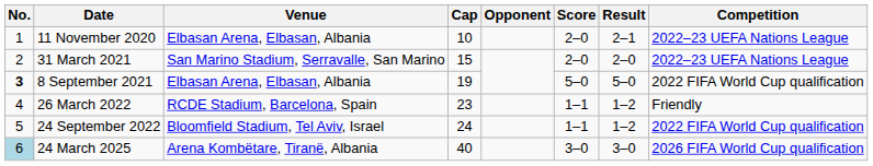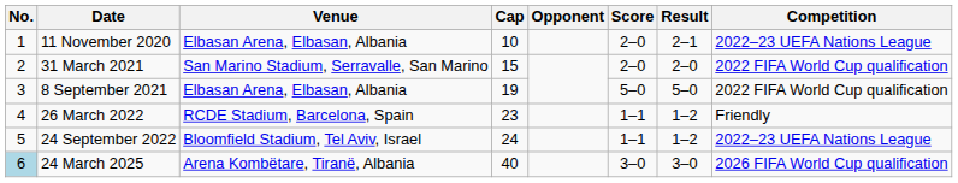 <table class="wikitable sortable">
 <tr>
 <th scope="col">No.</th>
 <th scope="col" data-sort-type="date">Date</th>
 <th scope="col">Venue</th>
 <th scope="col">Cap</th>
 <th scope="col">Opponent</th>
 <th scope="col">Score</th>
 <th scope="col">Result</th>
 <th scope="col">Competition</th>
 </tr>
 <tr>
 <td align="center">1</td>
 <td>11 November 2020</td>
 <td><a href='#'>Elbasan Arena</a>, <a href='#'>Elbasan</a>, Albania</td>
 <td align="center">10</td>
 <td></td>
 <td align="center">2–0</td>
 <td align="center">2–1</td>
 <td><a href='#'>2022–23 UEFA Nations League</a></td>
 </tr>
 <tr>
 <td align="center">2</td>
 <td>31 March 2021</td>
 <td><a href='#'>San Marino Stadium</a>, <a href='#'>Serravalle</a>, San Marino</td>
 <td align="center">15</td>
 <td rowspan=2></td>
 <td align="center">2–0</td>
 <td align="center">2–0</td>
-<td><a href='#'>2022–23 UEFA Nations League</a></td>
+<td><a href='#'>2022 FIFA World Cup qualification</a></td>
 </tr>
 <tr>
-<td align="center"><strong>3</strong></td>
+<td align="center">3</td>
 <td>8 September 2021</td>
 <td><a href='#'>Elbasan Arena</a>, <a href='#'>Elbasan</a>, Albania</td>
 <td align="center">19</td>
 <td align="center">5–0</td>
 <td align="center">5–0</td>
 <td>2022 FIFA World Cup qualification</td>
 </tr>
 <tr>
 <td align="center">4</td>
 <td>26 March 2022</td>
 <td><a href='#'>RCDE Stadium</a>, <a href='#'>Barcelona</a>, Spain</td>
 <td align="center">23</td>
 <td></td>
 <td align="center">1–1</td>
 <td align="center">1–2</td>
 <td>Friendly</td>
 </tr>
 <tr>
 <td align="center">5</td>
 <td>24 September 2022</td>
 <td><a href='#'>Bloomfield Stadium</a>, <a href='#'>Tel Aviv</a>, Israel</td>
 <td align="center">24</td>
 <td></td>
 <td align="center">1–1</td>
 <td align="center">1–2</td>
-<td><a href='#'>2022 FIFA World Cup qualification</a></td>
+<td><a href='#'>2022–23 UEFA Nations League</a></td>
 </tr>
 <tr>
 <td align="center" style="background: lightblue;">6</td>
 <td>24 March 2025</td>
 <td><a href='#'>Arena Kombëtare</a>, <a href='#'>Tiranë</a>, Albania</td>
 <td align="center">40</td>
 <td></td>
 <td align="center">3–0</td>
 <td align="center">3–0</td>
 <td><a href='#'>2026 FIFA World Cup qualification</a></td>
 </tr>
 </table>
